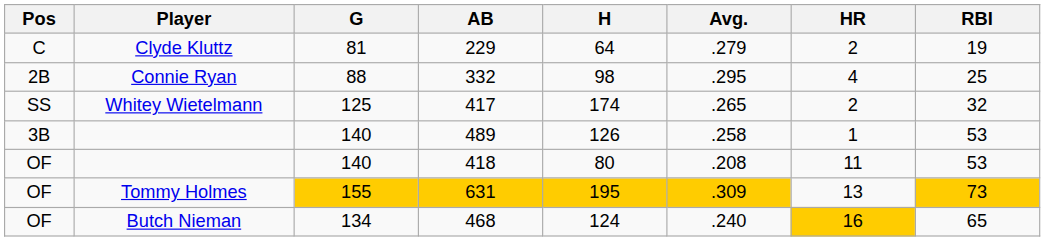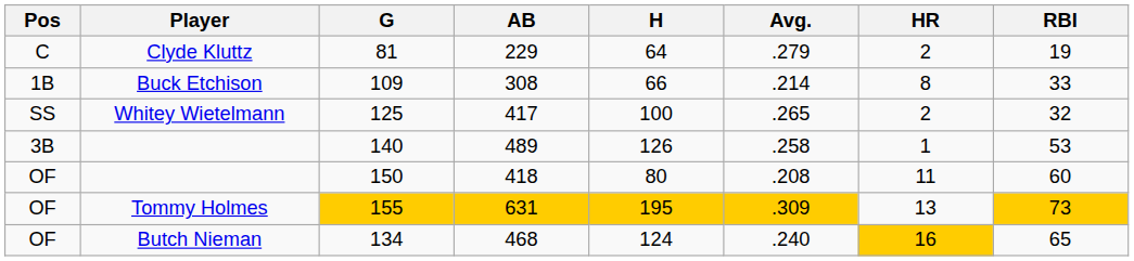 <table class="wikitable sortable">
 <tr>
 <th bgcolor="#DDDDFF" width="5%">Pos</th>
 <th bgcolor="#DDDDFF" width="16%">Player</th>
 <th bgcolor="#DDDDFF" width="9%">G</th>
 <th bgcolor="#DDDDFF" width="9%">AB</th>
 <th bgcolor="#DDDDFF" width="9%">H</th>
 <th bgcolor="#DDDDFF" width="9%">Avg.</th>
 <th bgcolor="#DDDDFF" width="9%">HR</th>
 <th bgcolor="#DDDDFF" width="9%">RBI</th>
 </tr>
 <tr align="center">
 <td>C</td>
 <td><a href='#'>Clyde Kluttz</a></td>
 <td>81</td>
 <td>229</td>
 <td>64</td>
 <td>.279</td>
 <td>2</td>
 <td>19</td>
 </tr>
 <tr align=center>
-<td>2B</td>
-<td><a href='#'>Connie Ryan</a></td>
-<td>88</td>
-<td>332</td>
-<td>98</td>
-<td>.295</td>
-<td>4</td>
-<td>25</td>
+<td>1B</td>
+<td><a href='#'>Buck Etchison</a></td>
+<td>109</td>
+<td>308</td>
+<td>66</td>
+<td>.214</td>
+<td>8</td>
+<td>33</td>
 </tr>
 <tr align=center>
 <td>SS</td>
 <td><a href='#'>Whitey Wietelmann</a></td>
 <td>125</td>
 <td>417</td>
-<td>174</td>
+<td>100</td>
 <td>.265</td>
 <td>2</td>
 <td>32</td>
 </tr>
 <tr align=center>
 <td>3B</td>
 <td></td>
 <td>140</td>
 <td>489</td>
 <td>126</td>
 <td>.258</td>
 <td>1</td>
 <td>53</td>
 </tr>
 <tr align="center">
 <td>OF</td>
 <td></td>
-<td>140</td>
+<td>150</td>
 <td>418</td>
 <td>80</td>
 <td>.208</td>
 <td>11</td>
-<td>53</td>
+<td>60</td>
 </tr>
 <tr align="center">
 <td>OF</td>
 <td><a href='#'>Tommy Holmes</a></td>
 <td style="background:#fc0;">155</td>
 <td style="background:#fc0;">631</td>
 <td style="background:#fc0;">195</td>
 <td style="background:#fc0;">.309</td>
 <td>13</td>
 <td style="background:#fc0;">73</td>
 </tr>
 <tr align=center>
 <td>OF</td>
 <td><a href='#'>Butch Nieman</a></td>
 <td>134</td>
 <td>468</td>
 <td>124</td>
 <td>.240</td>
 <td style="background:#fc0;">16</td>
 <td>65</td>
 </tr>
 </table>
